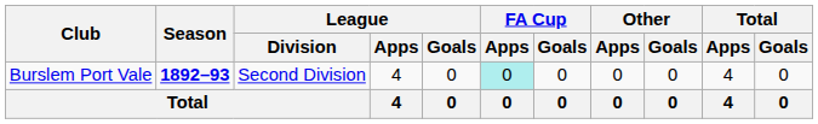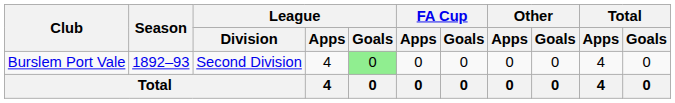 <table class="wikitable" style="text-align:center">
 <tr>
 <th rowspan="2">Club</th>
 <th rowspan="2">Season</th>
 <th colspan="3">League</th>
 <th colspan="2"><a href='#'>FA Cup</a></th>
 <th colspan="2">Other</th>
 <th colspan="2">Total</th>
 </tr>
 <tr>
 <th>Division</th>
 <th>Apps</th>
 <th>Goals</th>
 <th>Apps</th>
 <th>Goals</th>
 <th>Apps</th>
 <th>Goals</th>
 <th>Apps</th>
 <th>Goals</th>
 </tr>
 <tr>
 <td><a href='#'>Burslem Port Vale</a></td>
-<td><strong><a href='#'>1892–93</a></strong></td>
+<td><a href='#'>1892–93</a></td>
 <td><a href='#'>Second Division</a></td>
 <td>4</td>
+<td style="background: lightgreen;">0</td>
 <td>0</td>
-<td style="background: paleturquoise;">0</td>
 <td>0</td>
 <td>0</td>
 <td>0</td>
 <td>4</td>
 <td>0</td>
 </tr>
 <tr>
 <th colspan="3">Total</th>
 <th>4</th>
 <th>0</th>
 <th>0</th>
 <th>0</th>
 <th>0</th>
 <th>0</th>
 <th>4</th>
 <th>0</th>
 </tr>
 </table>
